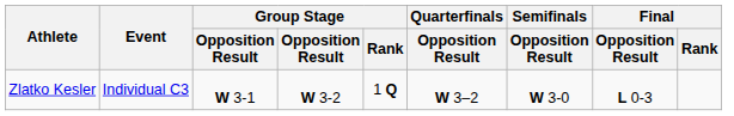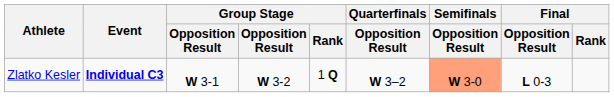 <table class=wikitable>
 <tr>
 <th rowspan="2">Athlete</th>
 <th rowspan="2">Event</th>
 <th colspan="3">Group Stage</th>
 <th>Quarterfinals</th>
 <th>Semifinals</th>
 <th colspan="2">Final</th>
 </tr>
 <tr>
 <th>Opposition<br>Result</th>
 <th>Opposition<br>Result</th>
 <th>Rank</th>
 <th>Opposition<br>Result</th>
 <th>Opposition<br>Result</th>
 <th>Opposition<br>Result</th>
 <th>Rank</th>
 </tr>
 <tr align=center>
 <td align=left><a href='#'>Zlatko Kesler</a></td>
-<td align=left><a href='#'>Individual C3</a></td>
+<td align=left><strong><a href='#'>Individual C3</a></strong></td>
 <td><br><strong>W</strong> 3-1</td>
 <td><br><strong>W</strong> 3-2</td>
 <td>1 <strong>Q</strong></td>
 <td><br><strong>W</strong> 3–2</td>
-<td><br><strong>W</strong> 3-0</td>
+<td style="background: lightsalmon;"><br><strong>W</strong> 3-0</td>
 <td><br><strong>L</strong> 0-3</td>
 <td></td>
 </tr>
 </table>
